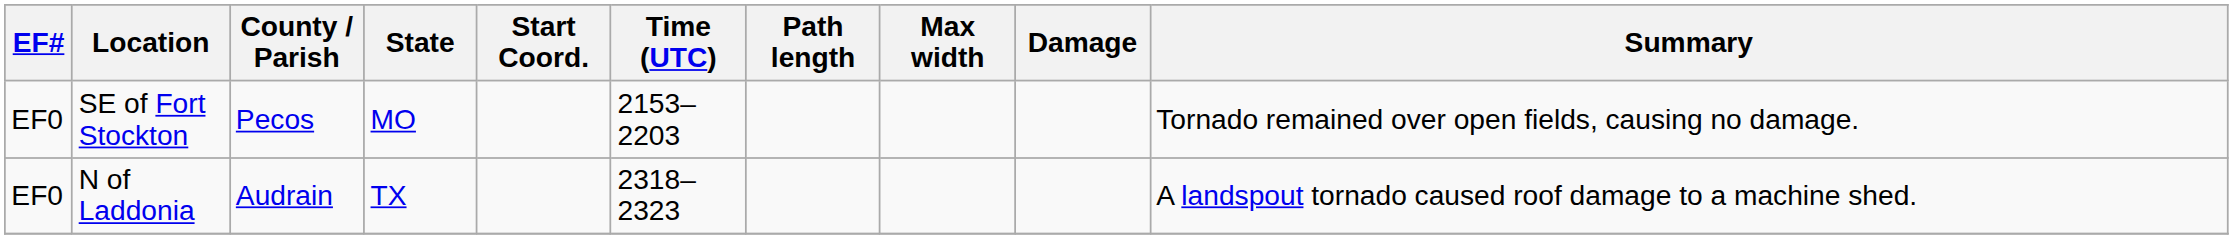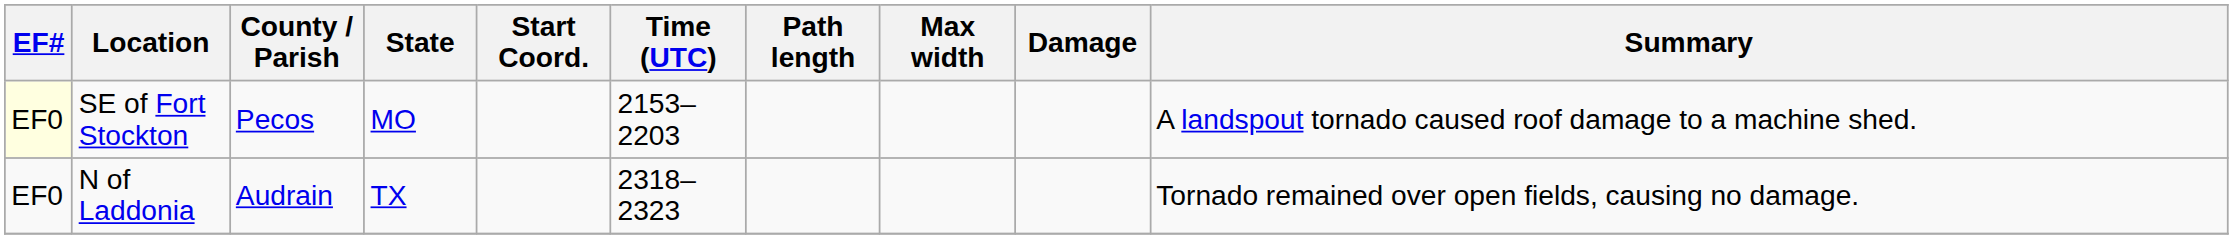 <table class="wikitable sortable" style="width:100%;">
 <tr>
 <th scope="col" width="3%" align="center"><a href='#'>EF#</a></th>
 <th scope="col" width="7%" align="center" class="unsortable">Location</th>
 <th scope="col" width="6%" align="center" class="unsortable">County / Parish</th>
 <th scope="col" width="5%" align="center">State</th>
 <th scope="col" width="6%" align="center">Start Coord.</th>
 <th scope="col" width="6%" align="center">Time (<a href='#'>UTC</a>)</th>
 <th scope="col" width="6%" align="center">Path length</th>
 <th scope="col" width="6%" align="center">Max width</th>
 <th scope="col" width="6%" align="center">Damage</th>
 <th scope="col" width="48%" class="unsortable" align="center">Summary</th>
 </tr>
 <tr>
-<td>EF0</td>
+<td style="background: lightyellow;">EF0</td>
 <td>SE of <a href='#'>Fort Stockton</a></td>
 <td><a href='#'>Pecos</a></td>
 <td><a href='#'>MO</a></td>
 <td></td>
 <td>2153–2203</td>
 <td></td>
 <td></td>
 <td></td>
-<td>Tornado remained over open fields, causing no damage.</td>
+<td>A <a href='#'>landspout</a> tornado caused roof damage to a machine shed.</td>
 </tr>
 <tr>
 <td>EF0</td>
 <td>N of <a href='#'>Laddonia</a></td>
 <td><a href='#'>Audrain</a></td>
 <td><a href='#'>TX</a></td>
 <td></td>
 <td>2318–2323</td>
 <td></td>
 <td></td>
 <td></td>
-<td>A <a href='#'>landspout</a> tornado caused roof damage to a machine shed.</td>
+<td>Tornado remained over open fields, causing no damage.</td>
 </tr>
 <tr>
 </tr>
 </table>
